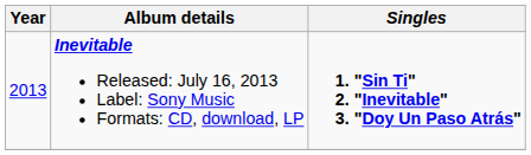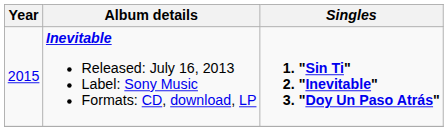 <table class="wikitable">
 <tr>
 <th>Year</th>
 <th>Album details</th>
 <th style="font-style:italic;"><em>Singles</em></th>
 </tr>
 <tr>
-<td><a href='#'>2013</a></td>
+<td><a href='#'>2015</a></td>
 <td><strong><em><a href='#'>Inevitable</a></em></strong><br><ul><li>Released: July 16, 2013</li><li>Label:  <a href='#'>Sony Music</a></li><li>Formats: <a href='#'>CD</a>, <a href='#'>download</a>, <a href='#'>LP</a></li></ul></td>
 <td><strong><br><ol><li>"<a href='#'>Sin Ti</a>"</li><li>"<a href='#'>Inevitable</a>"</li><li>"<a href='#'>Doy Un Paso Atrás</a>"</li></ol></strong></td>
 </tr>
 <tr>
 </tr>
 </table>
